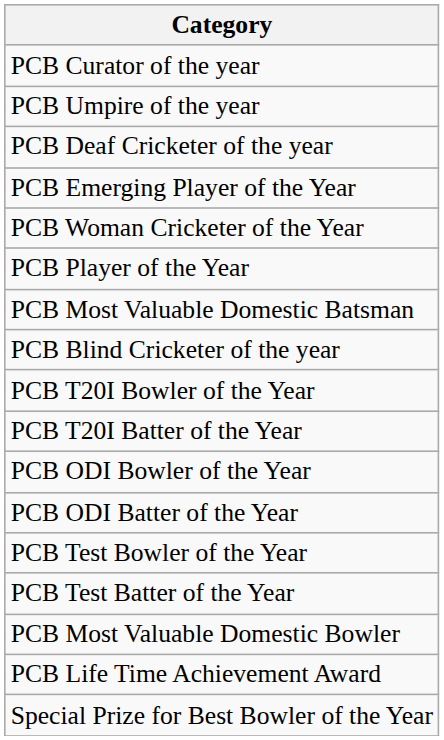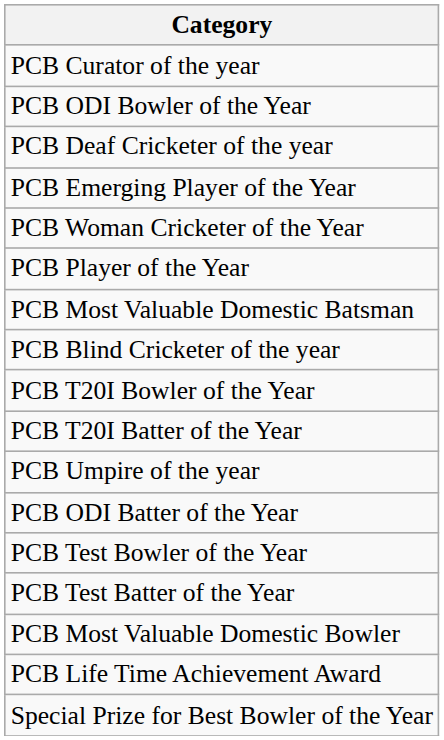 <table class="wikitable">
 <tr>
 <th>Category</th>
 </tr>
 <tr>
 <td>PCB Curator of the year</td>
 </tr>
 <tr>
-<td>PCB Umpire of the year</td>
+<td>PCB ODI Bowler of the Year</td>
 </tr>
 <tr>
 <td>PCB Deaf Cricketer of the year</td>
 </tr>
 <tr>
 <td>PCB Emerging Player of the Year</td>
 </tr>
 <tr>
 <td>PCB Woman Cricketer of the Year</td>
 </tr>
 <tr>
 <td>PCB Player of the Year</td>
 </tr>
 <tr>
 <td>PCB Most Valuable Domestic Batsman</td>
 </tr>
 <tr>
 <td>PCB Blind Cricketer of the year</td>
 </tr>
 <tr>
 <td>PCB T20I Bowler of the Year</td>
 </tr>
 <tr>
 <td>PCB T20I Batter of the Year</td>
 </tr>
 <tr>
-<td>PCB ODI Bowler of the Year</td>
+<td>PCB Umpire of the year</td>
 </tr>
 <tr>
 <td>PCB ODI Batter of the Year</td>
 </tr>
 <tr>
 <td>PCB Test Bowler of the Year</td>
 </tr>
 <tr>
 <td>PCB Test Batter of the Year</td>
 </tr>
 <tr>
 <td>PCB Most Valuable Domestic Bowler</td>
 </tr>
 <tr>
 <td>PCB Life Time Achievement Award</td>
 </tr>
 <tr>
 <td>Special Prize for Best Bowler of the Year</td>
 </tr>
 </table>
